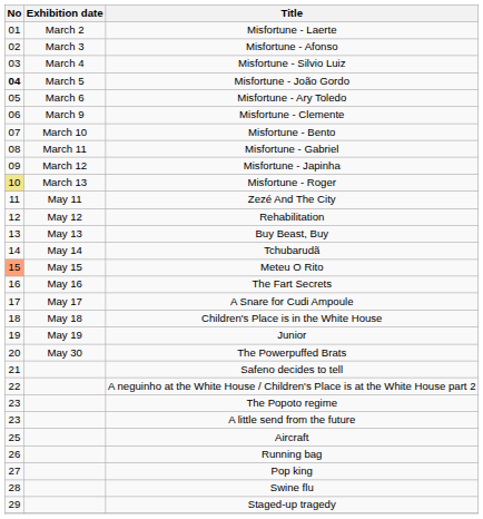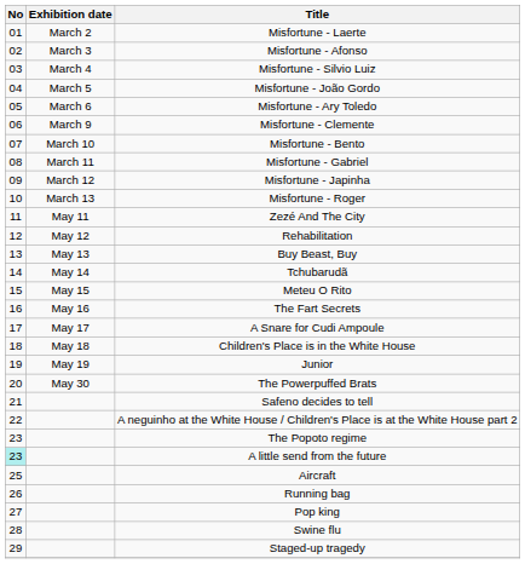 <table class="wikitable">
 <tr>
 <th>No</th>
 <th>Exhibition date</th>
 <th>Title</th>
 </tr>
 <tr align="center">
 <td>01</td>
 <td>March 2</td>
 <td>Misfortune - Laerte</td>
 </tr>
 <tr align="center">
 <td>02</td>
 <td>March 3</td>
 <td>Misfortune - Afonso</td>
 </tr>
 <tr align="center">
 <td>03</td>
 <td>March 4</td>
 <td>Misfortune - Silvio Luiz</td>
 </tr>
 <tr align="center">
-<td><strong>04</strong></td>
+<td>04</td>
 <td>March 5</td>
 <td>Misfortune - João Gordo</td>
 </tr>
 <tr align="center">
 <td>05</td>
 <td>March 6</td>
 <td>Misfortune - Ary Toledo</td>
 </tr>
 <tr align="center">
 <td>06</td>
 <td>March 9</td>
 <td>Misfortune - Clemente</td>
 </tr>
 <tr align="center">
 <td>07</td>
 <td>March 10</td>
 <td>Misfortune - Bento</td>
 </tr>
 <tr align="center">
 <td>08</td>
 <td>March 11</td>
 <td>Misfortune - Gabriel</td>
 </tr>
 <tr align="center">
 <td>09</td>
 <td>March 12</td>
 <td>Misfortune - Japinha</td>
 </tr>
 <tr align="center">
-<td style="background: khaki;">10</td>
+<td>10</td>
 <td>March 13</td>
 <td>Misfortune - Roger</td>
 </tr>
 <tr align="center">
 <td>11</td>
 <td>May 11</td>
 <td>Zezé And The City</td>
 </tr>
 <tr align="center">
 <td>12</td>
 <td>May 12</td>
 <td>Rehabilitation</td>
 </tr>
 <tr align="center">
 <td>13</td>
 <td>May 13</td>
 <td>Buy Beast, Buy</td>
 </tr>
 <tr align="center">
 <td>14</td>
 <td>May 14</td>
 <td>Tchubarudã</td>
 </tr>
 <tr align="center">
-<td style="background: lightsalmon;">15</td>
+<td>15</td>
 <td>May 15</td>
 <td>Meteu O Rito</td>
 </tr>
 <tr align="center">
 <td>16</td>
 <td>May 16</td>
 <td>The Fart Secrets</td>
 </tr>
 <tr align="center">
 <td>17</td>
 <td>May 17</td>
 <td>A Snare for Cudi Ampoule</td>
 </tr>
 <tr align="center">
 <td>18</td>
 <td>May 18</td>
 <td>Children's Place is in the White House</td>
 </tr>
 <tr align="center">
 <td>19</td>
 <td>May 19</td>
 <td>Junior</td>
 </tr>
 <tr align="center">
 <td>20</td>
 <td>May 30</td>
 <td>The Powerpuffed Brats</td>
 </tr>
 <tr align="center">
 <td>21</td>
 <td></td>
 <td>Safeno decides to tell</td>
 </tr>
 <tr align="center">
 <td>22</td>
 <td></td>
 <td>A neguinho at the White House / Children's Place is at the White House part 2</td>
 </tr>
 <tr align="center">
 <td>23</td>
 <td></td>
 <td>The Popoto regime</td>
 </tr>
 <tr align="center">
-<td>23</td>
+<td style="background: paleturquoise;">23</td>
 <td></td>
 <td>A little send from the future</td>
 </tr>
 <tr align="center">
 <td>25</td>
 <td></td>
 <td>Aircraft</td>
 </tr>
 <tr align="center">
 <td>26</td>
 <td></td>
 <td>Running bag</td>
 </tr>
 <tr align="center">
 <td>27</td>
 <td></td>
 <td>Pop king</td>
 </tr>
 <tr align="center">
 <td>28</td>
 <td></td>
 <td>Swine flu</td>
 </tr>
 <tr align="center">
 <td>29</td>
 <td></td>
 <td>Staged-up tragedy</td>
 </tr>
 <tr align="center">
 </tr>
 </table>
